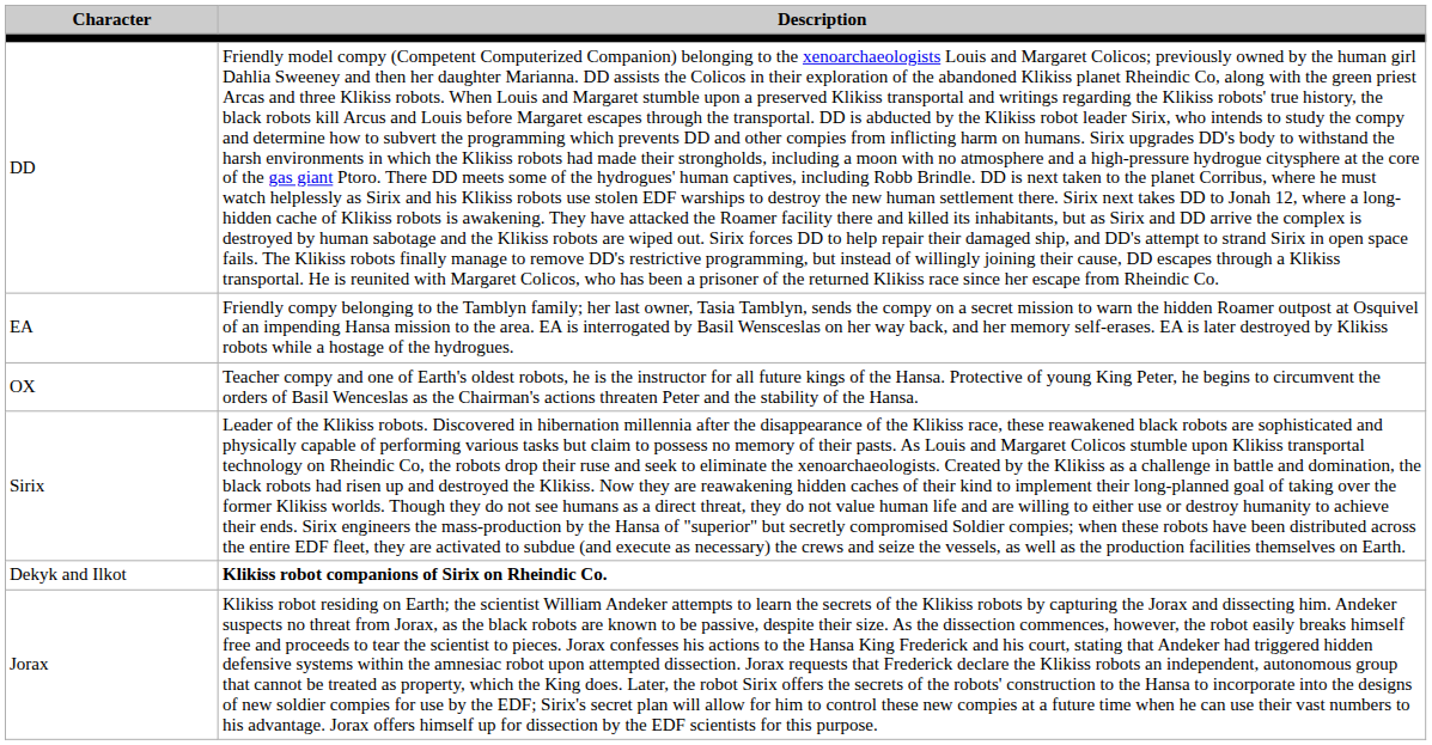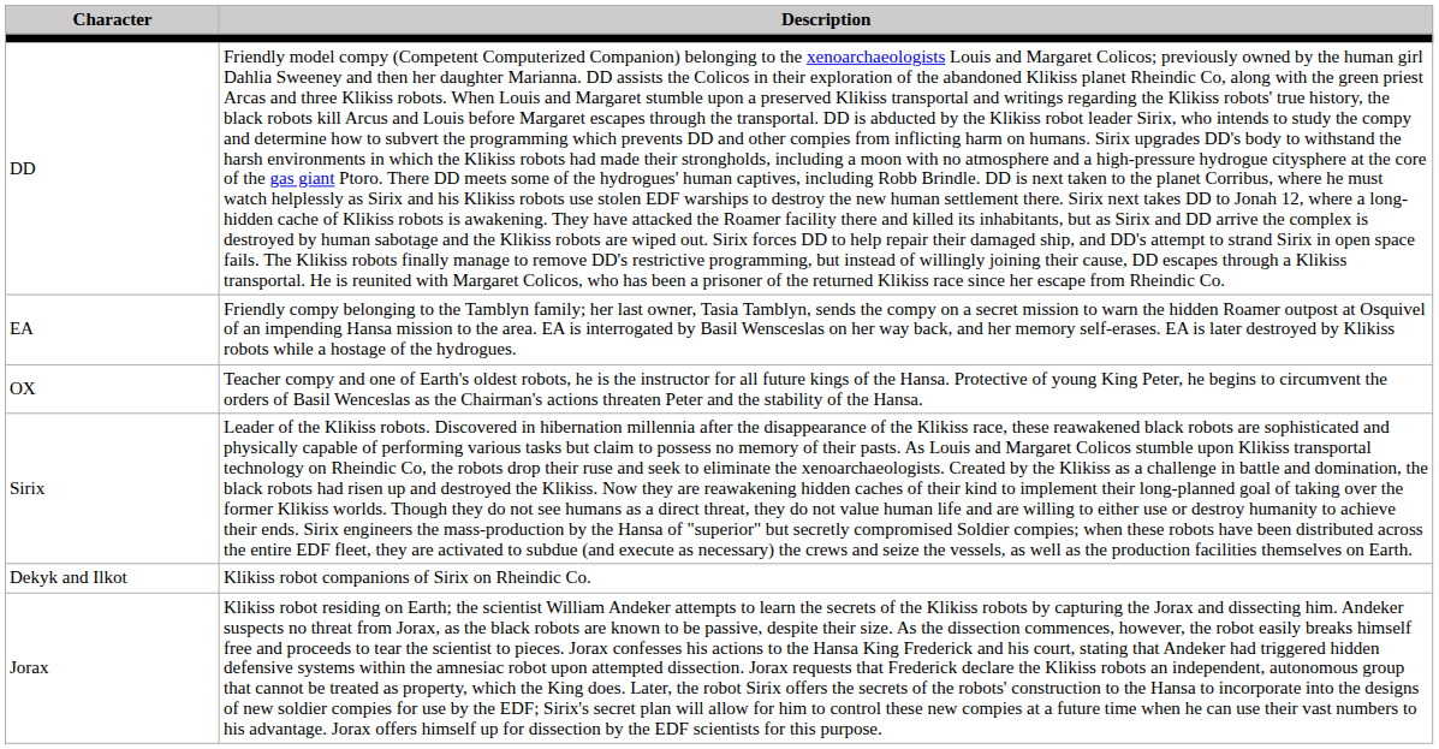 <table class="wikitable" style="width:100%; margin-right:auto; background:#fff;">
 <tr style="color:black">
 <th style="background:#ccc; width:15%;">Character</th>
 <th style="background:#ccc; width:85%;">Description</th>
 </tr>
 <tr>
 <td colspan="3" style="background:#000000;"></td>
 </tr>
 <tr>
 <td>DD</td>
 <td>Friendly model compy (Competent Computerized Companion) belonging to the <a href='#'>xenoarchaeologists</a> Louis and Margaret Colicos; previously owned by the human girl Dahlia Sweeney and then her daughter Marianna. DD assists the Colicos in their exploration of the abandoned Klikiss planet Rheindic Co, along with the green priest Arcas and three Klikiss robots. When Louis and Margaret stumble upon a preserved Klikiss transportal and writings regarding the Klikiss robots' true history, the black robots kill Arcus and Louis before Margaret escapes through the transportal. DD is abducted by the Klikiss robot leader Sirix, who intends to study the compy and determine how to subvert the programming which prevents DD and other compies from inflicting harm on humans. Sirix upgrades DD's body to withstand the harsh environments in which the Klikiss robots had made their strongholds, including a moon with no atmosphere and a high-pressure hydrogue citysphere at the core of the <a href='#'>gas giant</a> Ptoro. There DD meets some of the hydrogues' human captives, including Robb Brindle. DD is next taken to the planet Corribus, where he must watch helplessly as Sirix and his Klikiss robots use stolen EDF warships to destroy the new human settlement there. Sirix next takes DD to Jonah 12, where a long-hidden cache of Klikiss robots is awakening. They have attacked the Roamer facility there and killed its inhabitants, but as Sirix and DD arrive the complex is destroyed by human sabotage and the Klikiss robots are wiped out. Sirix forces DD to help repair their damaged ship, and DD's attempt to strand Sirix in open space fails. The Klikiss robots finally manage to remove DD's restrictive programming, but instead of willingly joining their cause, DD escapes through a Klikiss transportal. He is reunited with Margaret Colicos, who has been a prisoner of the returned Klikiss race since her escape from Rheindic Co.</td>
 </tr>
 <tr>
 <td>EA</td>
 <td>Friendly compy belonging to the Tamblyn family; her last owner, Tasia Tamblyn, sends the compy on a secret mission to warn the hidden Roamer outpost at Osquivel of an impending Hansa mission to the area. EA is interrogated by Basil Wensceslas on her way back, and her memory self-erases. EA is later destroyed by Klikiss robots while a hostage of the hydrogues.</td>
 </tr>
 <tr>
 <td>OX</td>
 <td>Teacher compy and one of Earth's oldest robots, he is the instructor for all future kings of the Hansa. Protective of young King Peter, he begins to circumvent the orders of Basil Wenceslas as the Chairman's actions threaten Peter and the stability of the Hansa.</td>
 </tr>
 <tr>
 <td>Sirix</td>
 <td>Leader of the Klikiss robots. Discovered in hibernation millennia after the disappearance of the Klikiss race, these reawakened black robots are sophisticated and physically capable of performing various tasks but claim to possess no memory of their pasts. As Louis and Margaret Colicos stumble upon Klikiss transportal technology on Rheindic Co, the robots drop their ruse and seek to eliminate the xenoarchaeologists. Created by the Klikiss as a challenge in battle and domination, the black robots had risen up and destroyed the Klikiss. Now they are reawakening hidden caches of their kind to implement their long-planned goal of taking over the former Klikiss worlds. Though they do not see humans as a direct threat, they do not value human life and are willing to either use or destroy humanity to achieve their ends. Sirix engineers the mass-production by the Hansa of "superior" but secretly compromised Soldier compies; when these robots have been distributed across the entire EDF fleet, they are activated to subdue (and execute as necessary) the crews and seize the vessels, as well as the production facilities themselves on Earth.</td>
 </tr>
 <tr>
 <td>Dekyk and Ilkot</td>
-<td><strong>Klikiss robot companions of Sirix on Rheindic Co.</strong></td>
+<td>Klikiss robot companions of Sirix on Rheindic Co.</td>
 </tr>
 <tr>
 <td>Jorax</td>
 <td>Klikiss robot residing on Earth; the scientist William Andeker attempts to learn the secrets of the Klikiss robots by capturing the Jorax and dissecting him. Andeker suspects no threat from Jorax, as the black robots are known to be passive, despite their size. As the dissection commences, however, the robot easily breaks himself free and proceeds to tear the scientist to pieces. Jorax confesses his actions to the Hansa King Frederick and his court, stating that Andeker had triggered hidden defensive systems within the amnesiac robot upon attempted dissection. Jorax requests that Frederick declare the Klikiss robots an independent, autonomous group that cannot be treated as property, which the King does. Later, the robot Sirix offers the secrets of the robots' construction to the Hansa to incorporate into the designs of new soldier compies for use by the EDF; Sirix's secret plan will allow for him to control these new compies at a future time when he can use their vast numbers to his advantage. Jorax offers himself up for dissection by the EDF scientists for this purpose.</td>
 </tr>
 </table>
